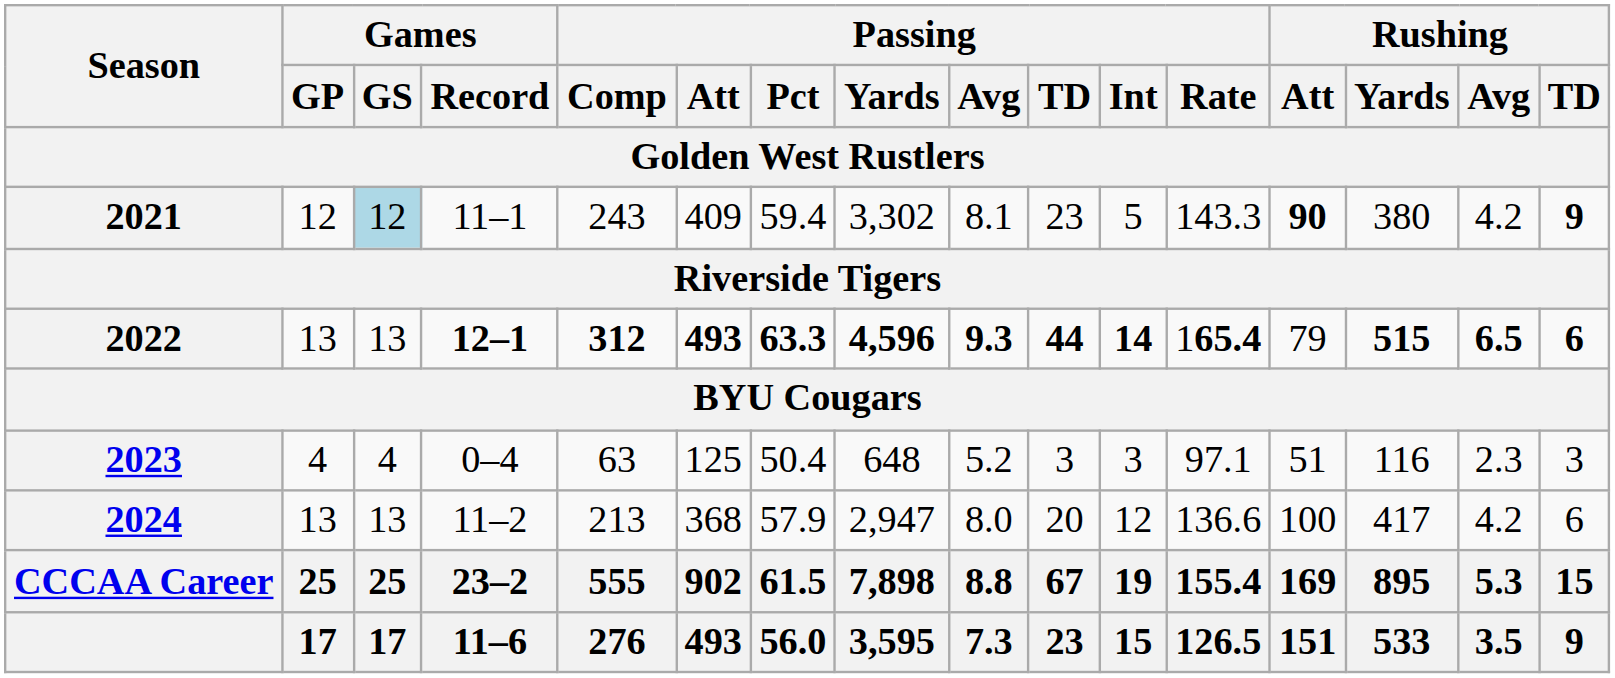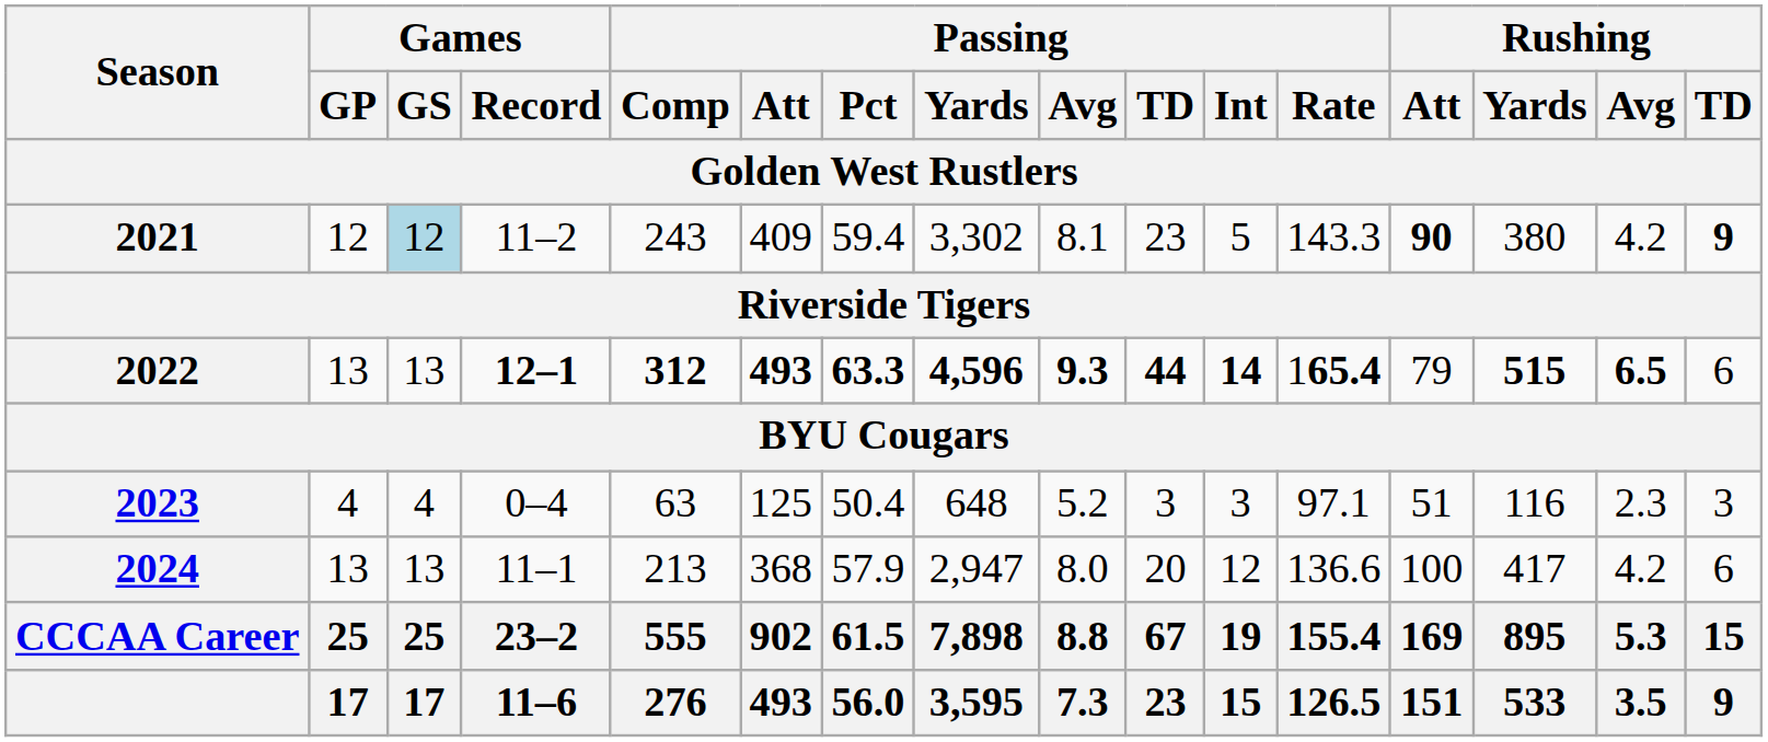 <table class="wikitable" style="text-align:center;">
 <tr>
 <th rowspan="2">Season</th>
 <th colspan="3">Games</th>
 <th colspan="8">Passing</th>
 <th colspan="5">Rushing</th>
 </tr>
 <tr>
 <th>GP</th>
 <th>GS</th>
 <th>Record</th>
 <th>Comp</th>
 <th>Att</th>
 <th>Pct</th>
 <th>Yards</th>
 <th>Avg</th>
 <th>TD</th>
 <th>Int</th>
 <th>Rate</th>
 <th>Att</th>
 <th>Yards</th>
 <th>Avg</th>
 <th>TD</th>
 </tr>
 <tr>
 <th colspan="16">Golden West Rustlers</th>
 </tr>
 <tr>
 <th>2021</th>
 <td>12</td>
 <td style="background: lightblue;">12</td>
-<td>11–1</td>
+<td>11–2</td>
 <td>243</td>
 <td>409</td>
 <td>59.4</td>
 <td>3,302</td>
 <td>8.1</td>
 <td>23</td>
 <td>5</td>
 <td>143.3</td>
 <td><strong>90</strong></td>
 <td>380</td>
 <td>4.2</td>
 <td><strong>9</strong></td>
 </tr>
 <tr>
 <th colspan="16">Riverside Tigers</th>
 </tr>
 <tr>
 <th>2022</th>
 <td>13</td>
 <td>13</td>
 <td><strong>12–1</strong></td>
 <td><strong>312</strong></td>
 <td><strong>493</strong></td>
 <td><strong>63.3</strong></td>
 <td><strong>4,596</strong></td>
 <td><strong>9.3</strong></td>
 <td><strong>44</strong></td>
 <td><strong>14</strong></td>
 <td>1<strong>65.4</strong></td>
 <td>79</td>
 <td><strong>515</strong></td>
 <td><strong>6.5</strong></td>
-<td><strong>6</strong></td>
+<td>6</td>
 </tr>
 <tr>
 <th colspan="16">BYU Cougars</th>
 </tr>
 <tr>
 <th><a href='#'>2023</a></th>
 <td>4</td>
 <td>4</td>
 <td>0–4</td>
 <td>63</td>
 <td>125</td>
 <td>50.4</td>
 <td>648</td>
 <td>5.2</td>
 <td>3</td>
 <td>3</td>
 <td>97.1</td>
 <td>51</td>
 <td>116</td>
 <td>2.3</td>
 <td>3</td>
 </tr>
 <tr>
 <th><a href='#'>2024</a></th>
 <td>13</td>
 <td>13</td>
-<td>11–2</td>
+<td>11–1</td>
 <td>213</td>
 <td>368</td>
 <td>57.9</td>
 <td>2,947</td>
 <td>8.0</td>
 <td>20</td>
 <td>12</td>
 <td>136.6</td>
 <td>100</td>
 <td>417</td>
 <td>4.2</td>
 <td>6</td>
 </tr>
 <tr>
 <th><a href='#'>CCCAA Career</a></th>
 <th>25</th>
 <th>25</th>
 <th>23–2</th>
 <th>555</th>
 <th>902</th>
 <th>61.5</th>
 <th>7,898</th>
 <th>8.8</th>
 <th>67</th>
 <th>19</th>
 <th>155.4</th>
 <th>169</th>
 <th>895</th>
 <th>5.3</th>
 <th>15</th>
 </tr>
 <tr>
 <th></th>
 <th>17</th>
 <th>17</th>
 <th>11–6</th>
 <th>276</th>
 <th>493</th>
 <th>56.0</th>
 <th>3,595</th>
 <th>7.3</th>
 <th>23</th>
 <th>15</th>
 <th>126.5</th>
 <th>151</th>
 <th>533</th>
 <th>3.5</th>
 <th>9</th>
 </tr>
 </table>
